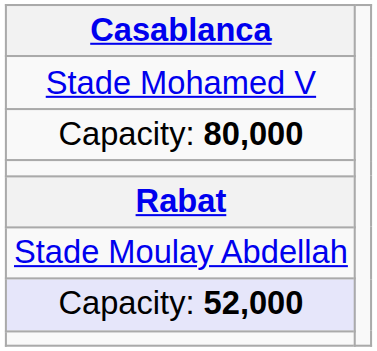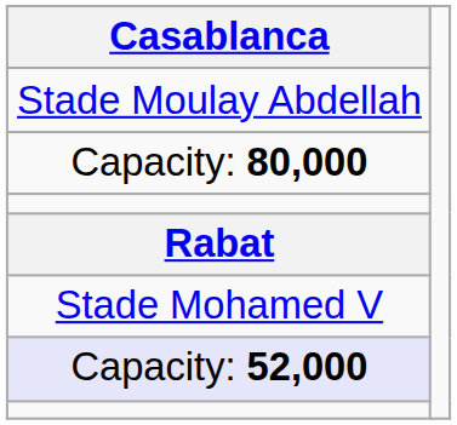 <table class="wikitable" style="text-align:center; margin:0.2em auto;">
 <tr>
 <th><a href='#'>Casablanca</a></th>
 <td rowspan="8"></td>
 </tr>
 <tr>
-<td><a href='#'>Stade Mohamed V</a></td>
+<td><a href='#'>Stade Moulay Abdellah</a></td>
 </tr>
 <tr>
 <td>Capacity: <strong>80,000</strong></td>
 </tr>
 <tr>
 <td></td>
 </tr>
 <tr>
 <th><a href='#'>Rabat</a></th>
 </tr>
 <tr>
-<td><a href='#'>Stade Moulay Abdellah</a></td>
+<td><a href='#'>Stade Mohamed V</a></td>
 </tr>
 <tr>
 <td style="background: lavender;">Capacity: <strong>52,000</strong></td>
 </tr>
 <tr>
 <td></td>
 </tr>
 </table>
